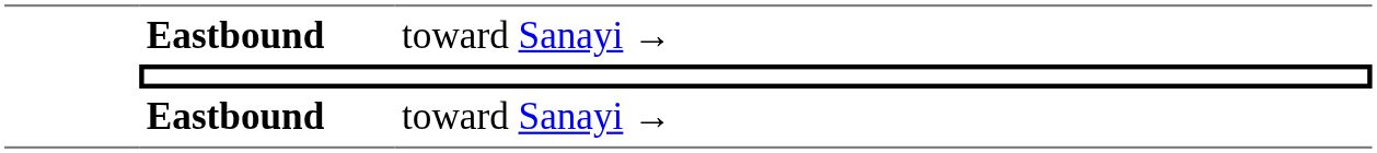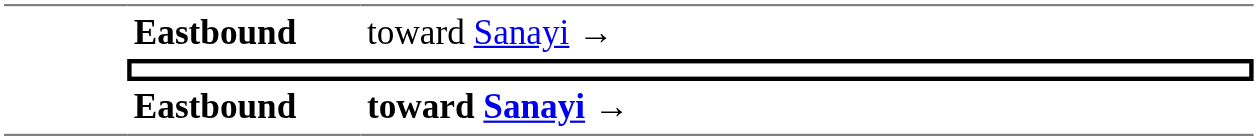 <table table border=0 cellspacing=0 cellpadding=3>
 <tr>
 <td style="border-top:solid 1px gray;border-bottom:solid 1px gray;" width=50 rowspan=3 valign=top></td>
 <td style="border-top:solid 1px gray;" width=100><strong>Eastbound</strong></td>
 <td style="border-top:solid 1px gray;" width=400> toward <a href='#'>Sanayi</a> →</td>
 </tr>
 <tr>
 <td style="border-top:solid 2px black;border-right:solid 2px black;border-left:solid 2px black;border-bottom:solid 2px black;text-align:center;" colspan=2></td>
 </tr>
 <tr>
 <td style="border-bottom:solid 1px gray;"><strong>Eastbound</strong></td>
-<td style="border-bottom:solid 1px gray;"> toward <a href='#'>Sanayi</a> →</td>
+<td style="border-bottom:solid 1px gray;"><strong> toward <a href='#'>Sanayi</a> →</strong></td>
 </tr>
 </table>
